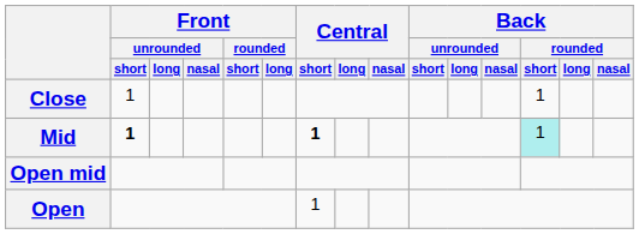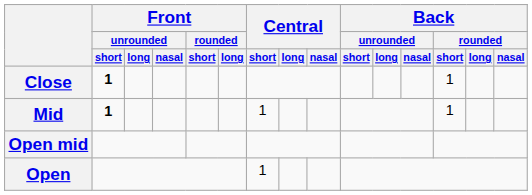 <table class="wikitable" style="text-align:center">
 <tr>
 <th rowspan="3"></th>
 <th colspan="5"><a href='#'>Front</a></th>
 <th colspan="3" rowspan="2"><a href='#'>Central</a></th>
 <th colspan="6"><a href='#'>Back</a></th>
 </tr>
 <tr style="font-size: x-small;">
 <th colspan="3"><a href='#'>unrounded</a></th>
 <th colspan="2"><a href='#'>rounded</a></th>
 <th colspan="3"><a href='#'>unrounded</a></th>
 <th colspan="3"><a href='#'>rounded</a></th>
 </tr>
 <tr style="font-size: x-small;">
 <th><a href='#'>short</a></th>
 <th><a href='#'>long</a></th>
 <th><a href='#'>nasal</a></th>
 <th><a href='#'>short</a></th>
 <th><a href='#'>long</a></th>
 <th><a href='#'>short</a></th>
 <th><a href='#'>long</a></th>
 <th><a href='#'>nasal</a></th>
 <th><a href='#'>short</a></th>
 <th><a href='#'>long</a></th>
 <th><a href='#'>nasal</a></th>
 <th><a href='#'>short</a></th>
 <th><a href='#'>long</a></th>
 <th><a href='#'>nasal</a></th>
 </tr>
 <tr>
 <th><a href='#'>Close</a></th>
-<td><sup>1</sup></td>
+<td><strong><sup>1</sup></strong></td>
 <td></td>
 <td></td>
 <td></td>
 <td></td>
 <td colspan="3"></td>
 <td></td>
 <td></td>
 <td></td>
 <td><sup>1</sup></td>
 <td></td>
 <td></td>
 </tr>
 <tr>
 <th><a href='#'>Mid</a></th>
 <td><strong><sup>1</sup></strong></td>
 <td></td>
 <td></td>
 <td></td>
 <td></td>
-<td><strong><sup>1</sup></strong></td>
+<td><sup>1</sup></td>
 <td></td>
 <td></td>
 <td colspan="3"></td>
-<td style="background: paleturquoise;"><sup>1</sup></td>
+<td><sup>1</sup></td>
 <td></td>
 <td></td>
 </tr>
 <tr>
 <th><a href='#'>Open mid</a></th>
 <td colspan="3"></td>
 <td colspan="2"></td>
 <td colspan="3"></td>
 <td colspan="3"></td>
 <td colspan="3"></td>
 </tr>
 <tr>
 <th><a href='#'>Open</a></th>
 <td colspan="5"></td>
 <td><sup>1</sup></td>
 <td></td>
 <td></td>
 <td colspan="6"></td>
 </tr>
 </table>
